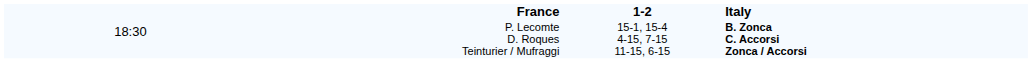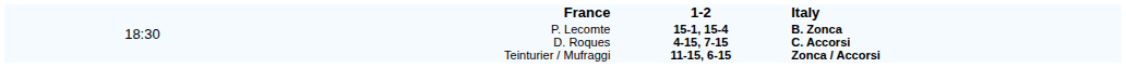 <table style="width: 100%; background:#F5FAFF;" cellspacing="0">
 <tr>
 <td align=center rowspan=3 width=20%>18:30</td>
 </tr>
 <tr>
 <td width=24% align=right><strong>France</strong></td>
 <td align=center width=13%><strong>1-2</strong></td>
 <td width=24%><strong>Italy</strong></td>
 </tr>
 <tr style=font-size:85%>
 <td align=right valign=top>P. Lecomte<br>D. Roques<br>Teinturier / Mufraggi</td>
-<td align=center>15-1, 15-4<br>4-15, 7-15<br>11-15, 6-15</td>
+<td align=center><strong>15-1, 15-4<br>4-15, 7-15<br>11-15, 6-15</strong></td>
 <td valign=top><strong>B. Zonca<br>C. Accorsi<br>Zonca / Accorsi</strong></td>
 </tr>
 </table>
